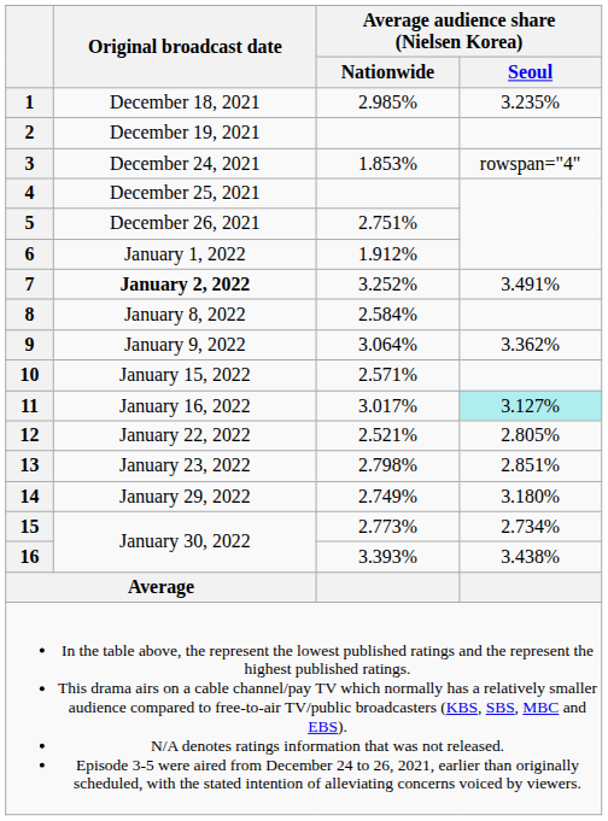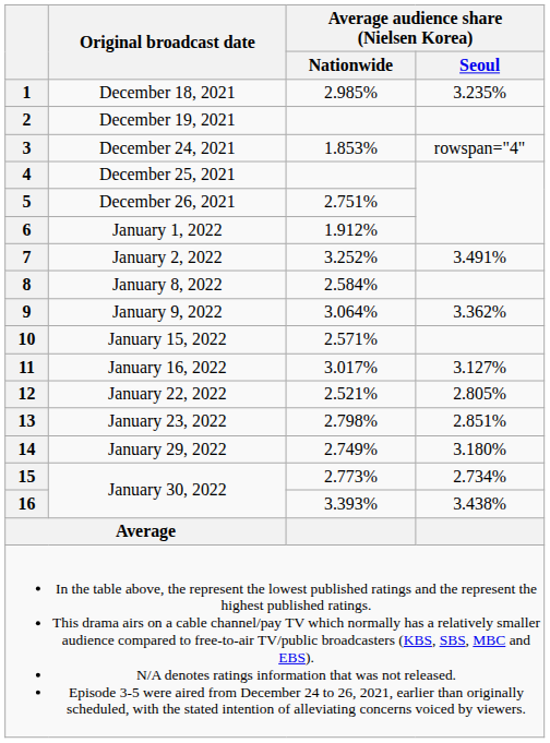 <table class="wikitable" style="text-align:center; margin-left:auto; margin-right:auto; max-width:500px">
 <tr>
 <th scope="col" rowspan="2"></th>
 <th scope="col" rowspan="2">Original broadcast date</th>
 <th scope="col" colspan="2">Average audience share<br>(Nielsen Korea)</th>
 </tr>
 <tr>
 <th scope="col" style="width:7em">Nationwide</th>
 <th scope="col" style="width:7em"><a href='#'>Seoul</a></th>
 </tr>
 <tr>
 <th>1</th>
 <td>December 18, 2021</td>
 <td>2.985% </td>
 <td>3.235% </td>
 </tr>
 <tr>
 <th>2</th>
 <td>December 19, 2021</td>
 <td><strong></strong> </td>
 <td><strong></strong> </td>
 </tr>
 <tr>
 <th> 3</th>
 <td>December 24, 2021</td>
 <td>1.853% </td>
 <td>rowspan="4" </td>
 </tr>
 <tr>
 <th> 4</th>
 <td>December 25, 2021</td>
 <td><strong></strong> </td>
 </tr>
 <tr>
 <th> 5</th>
 <td>December 26, 2021</td>
 <td>2.751% </td>
 </tr>
 <tr>
 <th>6</th>
 <td>January 1, 2022</td>
 <td>1.912% </td>
 </tr>
 <tr>
 <th>7</th>
-<td><strong>January 2, 2022</strong></td>
+<td>January 2, 2022</td>
 <td>3.252% </td>
 <td>3.491% </td>
 </tr>
 <tr>
 <th>8</th>
 <td>January 8, 2022</td>
 <td>2.584% </td>
 <td></td>
 </tr>
 <tr>
 <th>9</th>
 <td>January 9, 2022</td>
 <td>3.064% </td>
 <td>3.362% </td>
 </tr>
 <tr>
 <th>10</th>
 <td>January 15, 2022</td>
 <td>2.571% </td>
 <td><strong></strong> </td>
 </tr>
 <tr>
 <th>11</th>
 <td>January 16, 2022</td>
 <td>3.017% </td>
-<td style="background: paleturquoise;">3.127% </td>
+<td>3.127% </td>
 </tr>
 <tr>
 <th>12</th>
 <td>January 22, 2022</td>
 <td>2.521% </td>
 <td>2.805% </td>
 </tr>
 <tr>
 <th>13</th>
 <td>January 23, 2022</td>
 <td>2.798% </td>
 <td>2.851% </td>
 </tr>
 <tr>
 <th>14</th>
 <td>January 29, 2022</td>
 <td>2.749% </td>
 <td>3.180% </td>
 </tr>
 <tr>
 <th>15</th>
 <td rowspan="2">January 30, 2022</td>
 <td>2.773% </td>
 <td>2.734% </td>
 </tr>
 <tr>
 <th>16</th>
 <td>3.393% </td>
 <td>3.438% </td>
 </tr>
 <tr>
 <th colspan="2">Average</th>
 <th></th>
 <th></th>
 </tr>
 <tr>
 <td colspan="4" style="font-size:85%"><br><ul><li>In the table above, the <strong></strong> represent the lowest published ratings and the <strong></strong> represent the highest published ratings.</li><li>This drama airs on a cable channel/pay TV which normally has a relatively smaller audience compared to free-to-air TV/public broadcasters (<a href='#'>KBS</a>, <a href='#'>SBS</a>, <a href='#'>MBC</a> and <a href='#'>EBS</a>).</li><li>N/A denotes ratings information that was not released.</li><li> Episode 3-5 were aired from December 24 to 26, 2021, earlier than originally scheduled, with the stated intention of alleviating concerns voiced by viewers. </li></ul></td>
 </tr>
 </table>
